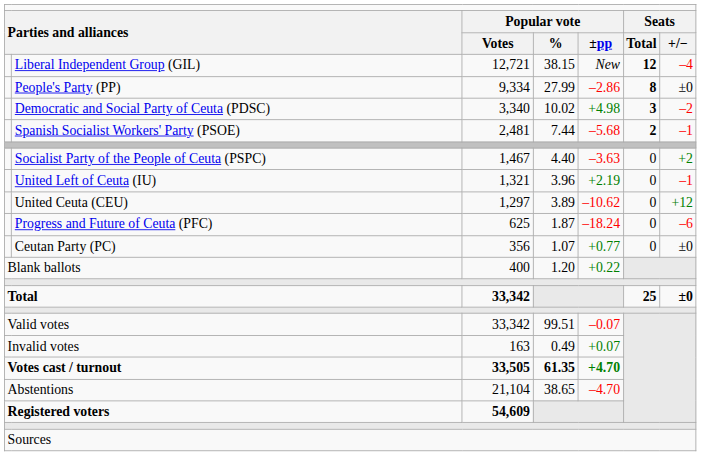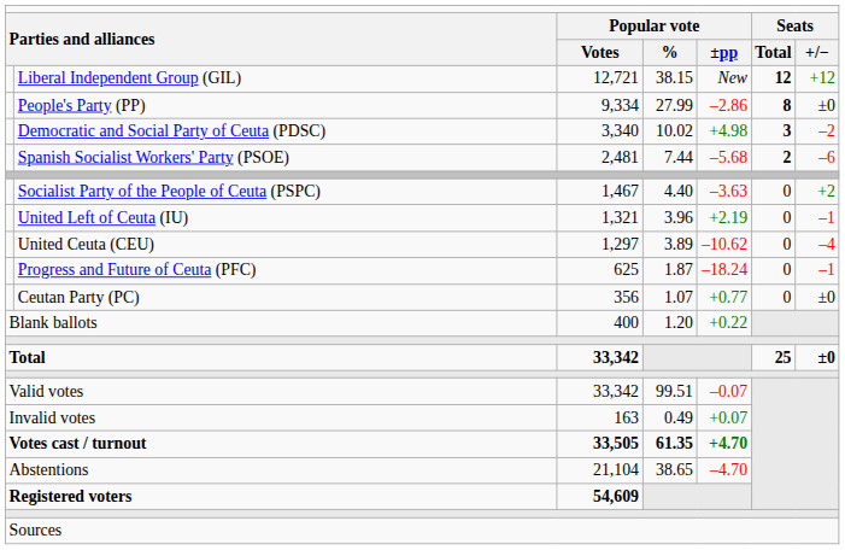 <table class="wikitable" style="text-align:right;">
 <tr>
 <td colspan="7"></td>
 </tr>
 <tr>
 <th style="text-align:left;" rowspan="2" colspan="2" width="525">Parties and alliances</th>
 <th colspan="3">Popular vote</th>
 <th colspan="2">Seats</th>
 </tr>
 <tr>
 <th width="75">Votes</th>
 <th width="45">%</th>
 <th width="45">±<a href='#'>pp</a></th>
 <th width="35">Total</th>
 <th width="35">+/−</th>
 </tr>
 <tr>
 <td width="1" style="color:inherit;background:"></td>
 <td align="left"><a href='#'>Liberal Independent Group</a> (GIL)</td>
 <td>12,721</td>
 <td>38.15</td>
 <td><em>New</em></td>
 <td><strong>12</strong></td>
-<td style="color:red;">–4</td>
+<td style="color:green;">+12</td>
 </tr>
 <tr>
 <td style="color:inherit;background:"></td>
 <td align="left"><a href='#'>People's Party</a> (PP)</td>
 <td>9,334</td>
 <td>27.99</td>
 <td style="color:red;">–2.86</td>
 <td><strong>8</strong></td>
 <td>±0</td>
 </tr>
 <tr>
 <td style="color:inherit;background:"></td>
 <td align="left"><a href='#'>Democratic and Social Party of Ceuta</a> (PDSC)</td>
 <td>3,340</td>
 <td>10.02</td>
 <td style="color:green;">+4.98</td>
 <td><strong>3</strong></td>
 <td style="color:red;">–2</td>
 </tr>
 <tr>
 <td style="color:inherit;background:"></td>
 <td align="left"><a href='#'>Spanish Socialist Workers' Party</a> (PSOE)</td>
 <td>2,481</td>
 <td>7.44</td>
 <td style="color:red;">–5.68</td>
 <td><strong>2</strong></td>
-<td style="color:red;">–1</td>
+<td style="color:red;">–6</td>
 </tr>
 <tr>
 <td colspan="7" bgcolor="#C0C0C0"></td>
 </tr>
 <tr>
 <td style="color:inherit;background:"></td>
 <td align="left"><a href='#'>Socialist Party of the People of Ceuta</a> (PSPC)</td>
 <td>1,467</td>
 <td>4.40</td>
 <td style="color:red;">–3.63</td>
 <td>0</td>
 <td style="color:green;">+2</td>
 </tr>
 <tr>
 <td style="color:inherit;background:"></td>
 <td align="left"><a href='#'>United Left of Ceuta</a> (IU)</td>
 <td>1,321</td>
 <td>3.96</td>
 <td style="color:green;">+2.19</td>
 <td>0</td>
 <td style="color:red;">–1</td>
 </tr>
 <tr>
 <td style="color:inherit;background:"></td>
 <td align="left">United Ceuta (CEU)</td>
 <td>1,297</td>
 <td>3.89</td>
 <td style="color:red;">–10.62</td>
 <td>0</td>
-<td style="color:green;">+12</td>
+<td style="color:red;">–4</td>
 </tr>
 <tr>
 <td style="color:inherit;background:"></td>
 <td align="left"><a href='#'>Progress and Future of Ceuta</a> (PFC)</td>
 <td>625</td>
 <td>1.87</td>
 <td style="color:red;">–18.24</td>
 <td>0</td>
-<td style="color:red;">–6</td>
+<td style="color:red;">–1</td>
 </tr>
 <tr>
 <td style="color:inherit;background:"></td>
 <td align="left">Ceutan Party (PC)</td>
 <td>356</td>
 <td>1.07</td>
 <td style="color:green;">+0.77</td>
 <td>0</td>
 <td>±0</td>
 </tr>
 <tr>
 <td align="left" colspan="2">Blank ballots</td>
 <td>400</td>
 <td>1.20</td>
 <td style="color:green;">+0.22</td>
 <td bgcolor="#E9E9E9" colspan="2"></td>
 </tr>
 <tr>
 <td colspan="7" bgcolor="#E9E9E9"></td>
 </tr>
 <tr style="font-weight:bold;">
 <td align="left" colspan="2">Total</td>
 <td>33,342</td>
 <td bgcolor="#E9E9E9" colspan="2"></td>
 <td>25</td>
 <td>±0</td>
 </tr>
 <tr>
 <td colspan="7" bgcolor="#E9E9E9"></td>
 </tr>
 <tr>
 <td align="left" colspan="2">Valid votes</td>
 <td>33,342</td>
 <td>99.51</td>
 <td style="color:red;">–0.07</td>
 <td bgcolor="#E9E9E9" colspan="2" rowspan="5"></td>
 </tr>
 <tr>
 <td align="left" colspan="2">Invalid votes</td>
 <td>163</td>
 <td>0.49</td>
 <td style="color:green;">+0.07</td>
 </tr>
 <tr style="font-weight:bold;">
 <td align="left" colspan="2">Votes cast / turnout</td>
 <td>33,505</td>
 <td>61.35</td>
 <td style="color:green;">+4.70</td>
 </tr>
 <tr>
 <td align="left" colspan="2">Abstentions</td>
 <td>21,104</td>
 <td>38.65</td>
 <td style="color:red;">–4.70</td>
 </tr>
 <tr style="font-weight:bold;">
 <td align="left" colspan="2">Registered voters</td>
 <td>54,609</td>
 <td bgcolor="#E9E9E9" colspan="2"></td>
 </tr>
 <tr>
 <td colspan="7" bgcolor="#E9E9E9"></td>
 </tr>
 <tr>
 <td align="left" colspan="7">Sources</td>
 </tr>
 </table>
